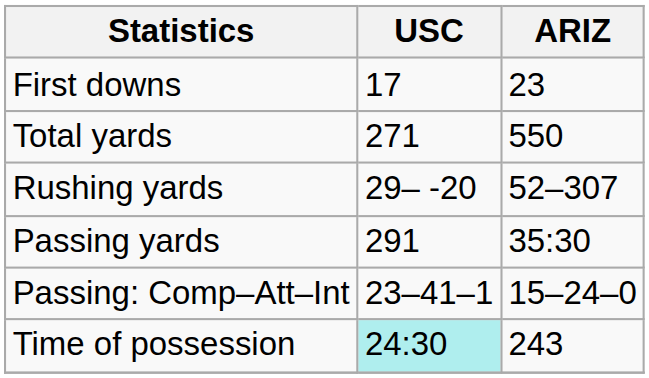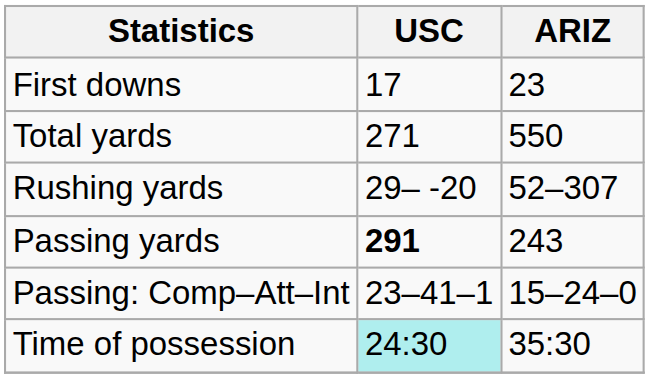 <table class="wikitable" style="float: left;">
 <tr>
 <th>Statistics</th>
 <th>USC</th>
 <th>ARIZ</th>
 </tr>
 <tr>
 <td>First downs</td>
 <td>17</td>
 <td>23</td>
 </tr>
 <tr>
 <td>Total yards</td>
 <td>271</td>
 <td>550</td>
 </tr>
 <tr>
 <td>Rushing yards</td>
 <td>29– -20</td>
 <td>52–307</td>
 </tr>
 <tr>
 <td>Passing yards</td>
-<td>291</td>
-<td>35:30</td>
+<td><strong>291</strong></td>
+<td>243</td>
 </tr>
 <tr>
 <td>Passing: Comp–Att–Int</td>
 <td>23–41–1</td>
 <td>15–24–0</td>
 </tr>
 <tr>
 <td>Time of possession</td>
 <td style="background: paleturquoise;">24:30</td>
-<td>243</td>
+<td>35:30</td>
 </tr>
 <tr>
 </tr>
 </table>
